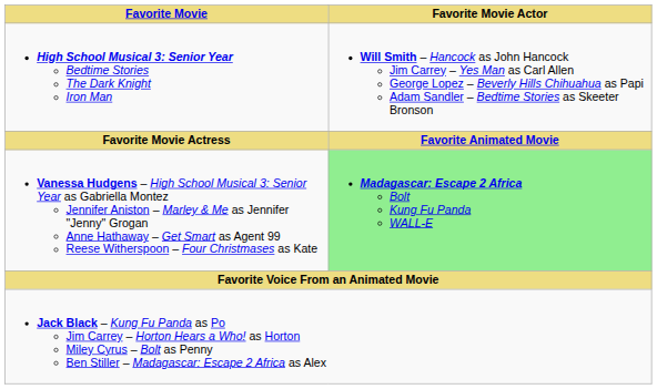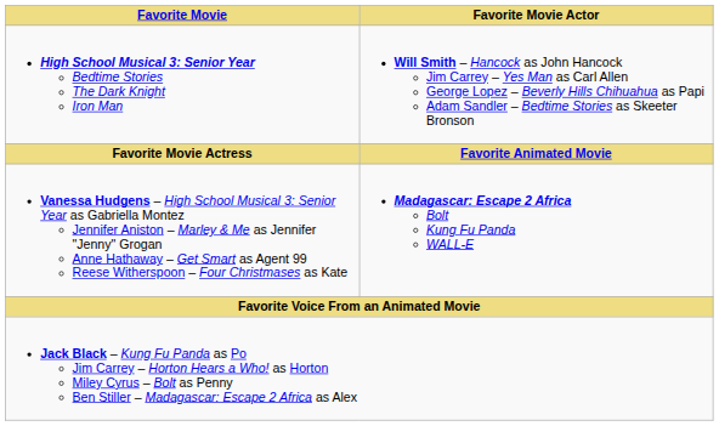 <table class="wikitable" style="width:100%;">
 <tr>
 <th style="background:#EEDD82; width:50%"><a href='#'>Favorite Movie</a></th>
 <th style="background:#EEDD82; width:50%">Favorite Movie Actor</th>
 </tr>
 <tr>
 <td valign="top"><br><ul><li><strong><em><a href='#'>High School Musical 3: Senior Year</a></em></strong><ul><li><em><a href='#'>Bedtime Stories</a></em></li><li><em><a href='#'>The Dark Knight</a></em></li><li><em><a href='#'>Iron Man</a></em></li></ul></li></ul></td>
 <td valign="top"><br><ul><li><strong><a href='#'>Will Smith</a></strong> – <em><a href='#'>Hancock</a></em> as John Hancock<ul><li><a href='#'>Jim Carrey</a> – <em><a href='#'>Yes Man</a></em> as Carl Allen</li><li><a href='#'>George Lopez</a> – <em><a href='#'>Beverly Hills Chihuahua</a></em> as Papi</li><li><a href='#'>Adam Sandler</a> – <em><a href='#'>Bedtime Stories</a></em> as Skeeter Bronson</li></ul></li></ul></td>
 </tr>
 <tr>
 <th style="background:#EEDD82; width:50%">Favorite Movie Actress</th>
 <th style="background:#EEDD82; width:50%"><a href='#'>Favorite Animated Movie</a></th>
 </tr>
 <tr>
 <td valign="top"><br><ul><li><strong><a href='#'>Vanessa Hudgens</a></strong> – <em><a href='#'>High School Musical 3: Senior Year</a></em> as Gabriella Montez<ul><li><a href='#'>Jennifer Aniston</a> – <em><a href='#'>Marley & Me</a></em> as Jennifer "Jenny" Grogan</li><li><a href='#'>Anne Hathaway</a> – <em><a href='#'>Get Smart</a></em> as Agent 99</li><li><a href='#'>Reese Witherspoon</a> – <em><a href='#'>Four Christmases</a></em> as Kate</li></ul></li></ul></td>
-<td valign="top" style="background: lightgreen;"><br><ul><li><strong><em><a href='#'>Madagascar: Escape 2 Africa</a></em></strong><ul><li><em><a href='#'>Bolt</a></em></li><li><em><a href='#'>Kung Fu Panda</a></em></li><li><em><a href='#'>WALL-E</a></em></li></ul></li></ul></td>
+<td valign="top"><br><ul><li><strong><em><a href='#'>Madagascar: Escape 2 Africa</a></em></strong><ul><li><em><a href='#'>Bolt</a></em></li><li><em><a href='#'>Kung Fu Panda</a></em></li><li><em><a href='#'>WALL-E</a></em></li></ul></li></ul></td>
 </tr>
 <tr>
 <th style="background:#EEDD82;" colspan="2">Favorite Voice From an Animated Movie</th>
 </tr>
 <tr>
 <td colspan="2" valign="top"><br><ul><li><strong><a href='#'>Jack Black</a></strong> – <em><a href='#'>Kung Fu Panda</a></em> as <a href='#'>Po</a><ul><li><a href='#'>Jim Carrey</a> – <em><a href='#'>Horton Hears a Who!</a></em> as <a href='#'>Horton</a></li><li><a href='#'>Miley Cyrus</a> – <em><a href='#'>Bolt</a></em> as Penny</li><li><a href='#'>Ben Stiller</a> – <em><a href='#'>Madagascar: Escape 2 Africa</a></em> as Alex</li></ul></li></ul></td>
 </tr>
 </table>
